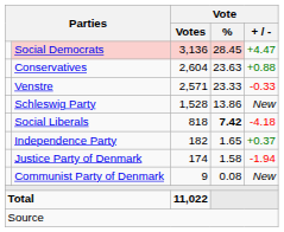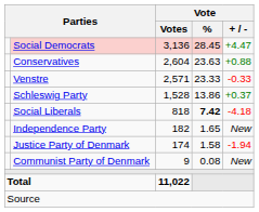 <table class="wikitable" style="text-align:right;">
 <tr>
 <th style="text-align:centre;" rowspan="2" colspan="2" width="225">Parties</th>
 <th colspan="3">Vote</th>
 </tr>
 <tr>
 <th width="15">Votes</th>
 <th width="15">%</th>
 <th width="15">+ / -</th>
 </tr>
 <tr>
 <td width="2" style="color:inherit;background:"></td>
 <td bgcolor=#fbd0ce  align="left"><a href='#'>Social Democrats</a></td>
 <td bgcolor=#fbd0ce>3,136</td>
 <td bgcolor=#fbd0ce>28.45</td>
 <td style=color:green;>+4.47</td>
 </tr>
 <tr>
 <td width="2" style="color:inherit;background:"></td>
 <td align="left"><a href='#'>Conservatives</a></td>
 <td>2,604</td>
 <td>23.63</td>
 <td style=color:green;>+0.88</td>
 </tr>
 <tr>
 <td width="2" style="color:inherit;background:"></td>
 <td align="left"><a href='#'>Venstre</a></td>
 <td>2,571</td>
 <td>23.33</td>
 <td style=color:red;>-0.33</td>
 </tr>
 <tr>
 <td width="2" style="color:inherit;background:"></td>
 <td align="left"><a href='#'>Schleswig Party</a></td>
 <td>1,528</td>
 <td>13.86</td>
-<td><em>New</em></td>
+<td style=color:green;>+0.37</td>
 </tr>
 <tr>
 <td width="2" style="color:inherit;background:"></td>
 <td align="left"><a href='#'>Social Liberals</a></td>
 <td>818</td>
 <td><strong>7.42</strong></td>
 <td style=color:red;>-4.18</td>
 </tr>
 <tr>
 <td width="2" style="color:inherit;background:"></td>
 <td align="left"><a href='#'>Independence Party</a></td>
 <td>182</td>
 <td>1.65</td>
-<td style=color:green;>+0.37</td>
+<td><em>New</em></td>
 </tr>
 <tr>
 <td width="2" style="color:inherit;background:"></td>
 <td align="left"><a href='#'>Justice Party of Denmark</a></td>
 <td>174</td>
 <td>1.58</td>
 <td style=color:red;>-1.94</td>
 </tr>
 <tr>
 <td width="2" style="color:inherit;background:"></td>
 <td align="left"><a href='#'>Communist Party of Denmark</a></td>
 <td>9</td>
 <td>0.08</td>
 <td><em>New</em></td>
 </tr>
 <tr>
 <td colspan="7" bgcolor="#E9E9E9"></td>
 </tr>
 <tr>
 <td align="left" colspan="2"><strong>Total</strong></td>
 <td><strong>11,022</strong></td>
 <td bgcolor="#E9E9E9" colspan="2"></td>
 </tr>
 <tr>
 <td align="left" colspan="6">Source</td>
 </tr>
 </table>
